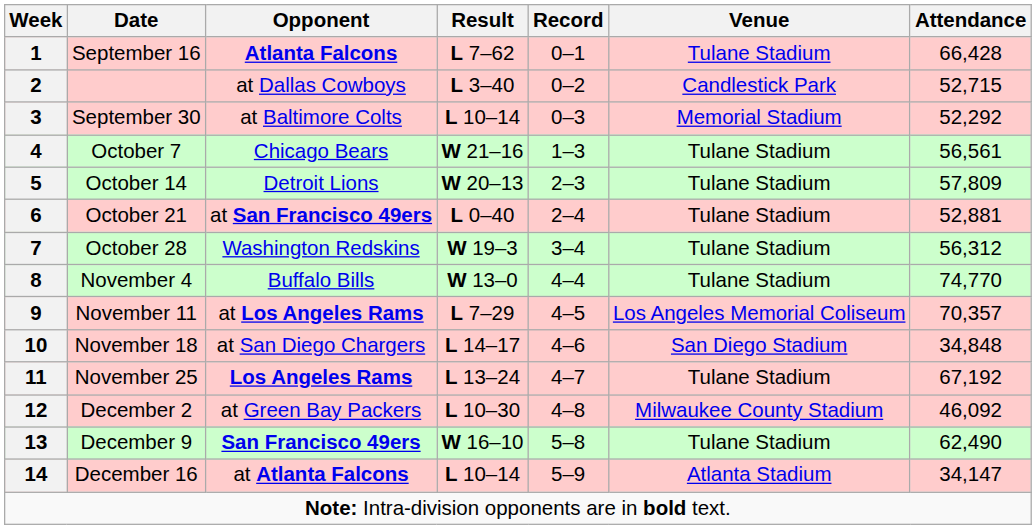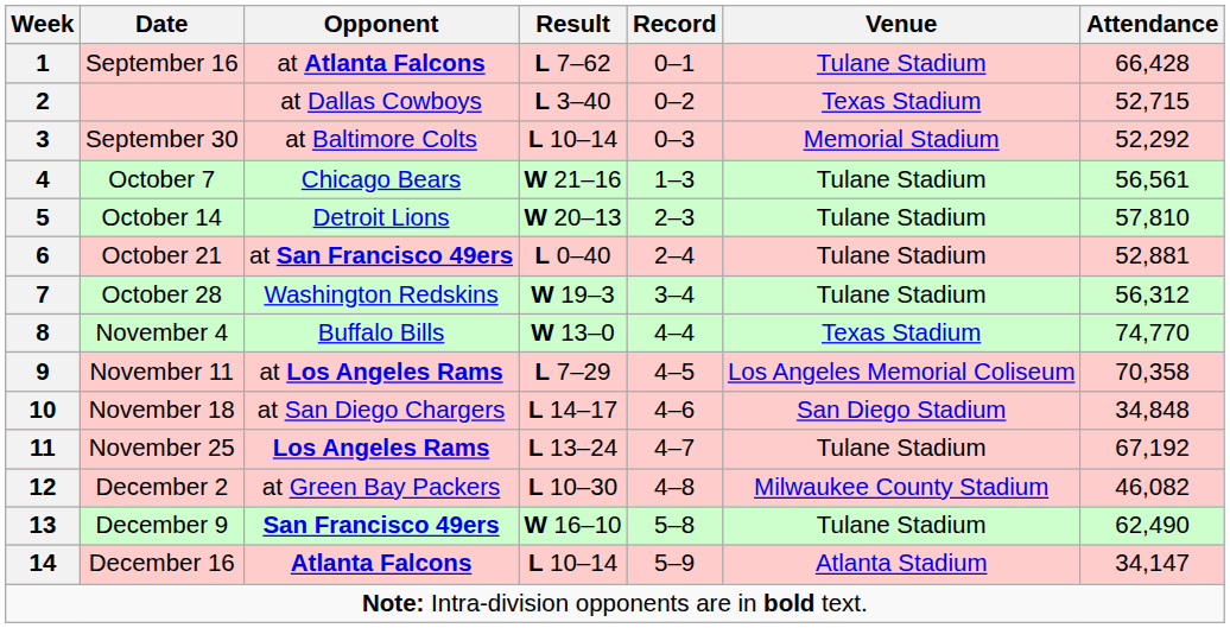 <table class="wikitable" style="text-align:center">
 <tr>
 <th>Week</th>
 <th>Date</th>
 <th>Opponent</th>
 <th>Result</th>
 <th>Record</th>
 <th>Venue</th>
 <th>Attendance</th>
 </tr>
 <tr style="background:#fcc">
 <th>1</th>
 <td>September 16</td>
-<td><strong><a href='#'>Atlanta Falcons</a></strong></td>
+<td>at <strong><a href='#'>Atlanta Falcons</a></strong></td>
 <td><strong>L</strong> 7–62</td>
 <td>0–1</td>
 <td><a href='#'>Tulane Stadium</a></td>
 <td>66,428</td>
 </tr>
 <tr style="background:#fcc">
 <th>2</th>
 <td></td>
 <td>at <a href='#'>Dallas Cowboys</a></td>
 <td><strong>L</strong> 3–40</td>
 <td>0–2</td>
-<td><a href='#'>Candlestick Park</a></td>
+<td><a href='#'>Texas Stadium</a></td>
 <td>52,715</td>
 </tr>
 <tr style="background:#fcc">
 <th>3</th>
 <td>September 30</td>
 <td>at <a href='#'>Baltimore Colts</a></td>
 <td><strong>L</strong> 10–14</td>
 <td>0–3</td>
 <td><a href='#'>Memorial Stadium</a></td>
 <td>52,292</td>
 </tr>
 <tr style="background:#cfc">
 <th>4</th>
 <td>October 7</td>
 <td><a href='#'>Chicago Bears</a></td>
 <td><strong>W</strong> 21–16</td>
 <td>1–3</td>
 <td>Tulane Stadium</td>
 <td>56,561</td>
 </tr>
 <tr style="background:#cfc">
 <th>5</th>
 <td>October 14</td>
 <td><a href='#'>Detroit Lions</a></td>
 <td><strong>W</strong> 20–13</td>
 <td>2–3</td>
 <td>Tulane Stadium</td>
-<td>57,809</td>
+<td>57,810</td>
 </tr>
 <tr style="background:#fcc">
 <th>6</th>
 <td>October 21</td>
 <td>at <strong><a href='#'>San Francisco 49ers</a></strong></td>
 <td><strong>L</strong> 0–40</td>
 <td>2–4</td>
 <td>Tulane Stadium</td>
 <td>52,881</td>
 </tr>
 <tr style="background:#cfc">
 <th>7</th>
 <td>October 28</td>
 <td><a href='#'>Washington Redskins</a></td>
 <td><strong>W</strong> 19–3</td>
 <td>3–4</td>
 <td>Tulane Stadium</td>
 <td>56,312</td>
 </tr>
 <tr style="background:#cfc">
 <th>8</th>
 <td>November 4</td>
 <td><a href='#'>Buffalo Bills</a></td>
 <td><strong>W</strong> 13–0</td>
 <td>4–4</td>
-<td>Tulane Stadium</td>
+<td><a href='#'>Texas Stadium</a></td>
 <td>74,770</td>
 </tr>
 <tr style="background:#fcc">
 <th>9</th>
 <td>November 11</td>
 <td>at <strong><a href='#'>Los Angeles Rams</a></strong></td>
 <td><strong>L</strong> 7–29</td>
 <td>4–5</td>
 <td><a href='#'>Los Angeles Memorial Coliseum</a></td>
-<td>70,357</td>
+<td>70,358</td>
 </tr>
 <tr style="background:#fcc">
 <th>10</th>
 <td>November 18</td>
 <td>at <a href='#'>San Diego Chargers</a></td>
 <td><strong>L</strong> 14–17</td>
 <td>4–6</td>
 <td><a href='#'>San Diego Stadium</a></td>
 <td>34,848</td>
 </tr>
 <tr style="background:#fcc">
 <th>11</th>
 <td>November 25</td>
 <td><strong><a href='#'>Los Angeles Rams</a></strong></td>
 <td><strong>L</strong> 13–24</td>
 <td>4–7</td>
 <td>Tulane Stadium</td>
 <td>67,192</td>
 </tr>
 <tr style="background:#fcc">
 <th>12</th>
 <td>December 2</td>
 <td>at <a href='#'>Green Bay Packers</a></td>
 <td><strong>L</strong> 10–30</td>
 <td>4–8</td>
 <td><a href='#'>Milwaukee County Stadium</a></td>
-<td>46,092</td>
+<td>46,082</td>
 </tr>
 <tr style="background:#cfc">
 <th>13</th>
 <td>December 9</td>
 <td><strong><a href='#'>San Francisco 49ers</a></strong></td>
 <td><strong>W</strong> 16–10</td>
 <td>5–8</td>
 <td>Tulane Stadium</td>
 <td>62,490</td>
 </tr>
 <tr style="background:#fcc">
 <th>14</th>
 <td>December 16</td>
-<td>at <strong><a href='#'>Atlanta Falcons</a></strong></td>
+<td><strong><a href='#'>Atlanta Falcons</a></strong></td>
 <td><strong>L</strong> 10–14</td>
 <td>5–9</td>
 <td><a href='#'>Atlanta Stadium</a></td>
 <td>34,147</td>
 </tr>
 <tr>
 <td colspan="7"><strong>Note:</strong> Intra-division opponents are in <strong>bold</strong> text.</td>
 </tr>
 </table>
